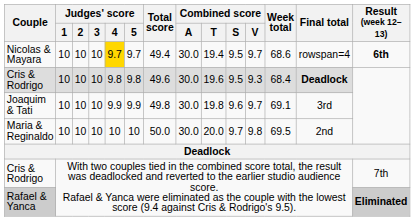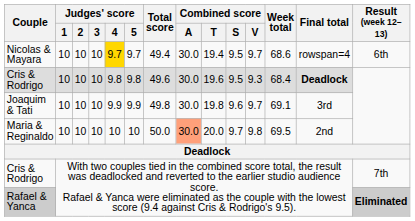 <table class="wikitable" style="font-size:100%; line-height:16px; text-align:center" width="100%">
 <tr>
 <th rowspan=2 style="width:11.0%;">Couple</th>
 <th colspan=5 style="width:25.0%;">Judges' score</th>
 <th rowspan=2 style="width:05.0%;">Total score</th>
 <th colspan=4 style="width:20.0%;">Combined score</th>
 <th rowspan=2 style="width:05.0%;">Week total</th>
 <th rowspan=2 style="width:05.0%;">Final total</th>
 <th rowspan=2 style="width:07.5%;">Result <br> <small> (week 12–13) </small></th>
 </tr>
 <tr>
 <th style="width:05.0%;">1</th>
 <th style="width:05.0%;">2</th>
 <th style="width:05.0%;">3</th>
 <th style="width:05.0%;">4</th>
 <th style="width:05.0%;">5</th>
 <th style="width:05.0%;">A</th>
 <th style="width:05.0%;">T</th>
 <th style="width:05.0%;">S</th>
 <th style="width:05.0%;">V</th>
 </tr>
 <tr>
 <td align="left">Nicolas & Mayara</td>
 <td>10</td>
 <td>10</td>
 <td>10</td>
 <td style="background: gold;">9.7</td>
 <td>9.7</td>
 <td>49.4</td>
 <td>30.0</td>
 <td>19.4</td>
 <td>9.5</td>
 <td>9.7</td>
 <td>68.6</td>
 <td>rowspan=4 </td>
-<td><strong>6th</strong></td>
+<td>6th</td>
 </tr>
 <tr bgcolor="DDDDDD">
 <td align="left">Cris & Rodrigo</td>
 <td>10</td>
 <td>10</td>
 <td>10</td>
 <td>9.8</td>
 <td>9.8</td>
 <td>49.6</td>
 <td>30.0</td>
 <td>19.6</td>
 <td>9.5</td>
 <td>9.3</td>
 <td>68.4</td>
 <td><strong>Deadlock</strong></td>
 </tr>
 <tr>
 <td align="left">Joaquim & Tati</td>
 <td>10</td>
 <td>10</td>
 <td>10</td>
 <td>9.9</td>
 <td>9.9</td>
 <td>49.8</td>
 <td>30.0</td>
 <td>19.8</td>
 <td>9.6</td>
 <td>9.7</td>
 <td>69.1</td>
 <td>3rd</td>
 </tr>
 <tr>
 <td align="left">Maria & Reginaldo</td>
 <td>10</td>
 <td>10</td>
 <td>10</td>
 <td>10</td>
 <td>10</td>
 <td>50.0</td>
-<td>30.0</td>
+<td style="background: lightsalmon;">30.0</td>
 <td>20.0</td>
 <td>9.7</td>
 <td>9.8</td>
 <td>69.5</td>
 <td>2nd</td>
 </tr>
 <tr>
 <th colspan=14>Deadlock</th>
 </tr>
 <tr>
 <td align="left">Cris & Rodrigo</td>
 <td colspan=12 rowspan=2>With two couples tied in the combined score total, the result was deadlocked and reverted to the earlier studio audience score.<br>Rafael & Yanca were eliminated as the couple with the lowest score (9.4 against Cris & Rodrigo's 9.5).</td>
 <td>7th</td>
 </tr>
 <tr bgcolor="CCCCCC">
 <td align="left">Rafael & Yanca</td>
 <td><strong>Eliminated</strong></td>
 </tr>
 </table>
